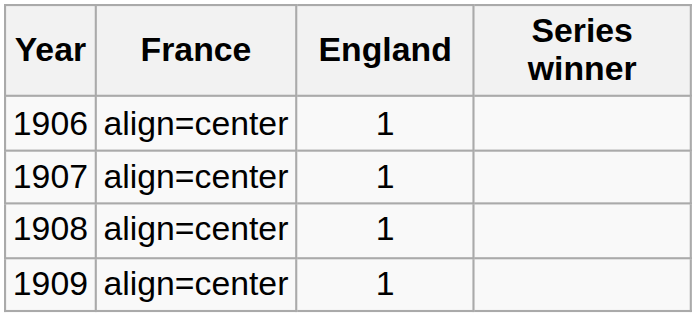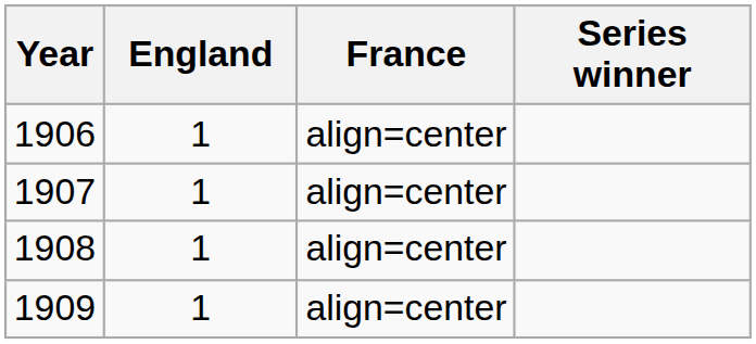 <table class="wikitable">
 <tr>
 <th>Year</th>
+<th width="77">England</th>
 <th width="77">France</th>
-<th width="77">England</th>
 <th width="95">Series winner</th>
 </tr>
 <tr>
 <td> 1906</td>
+<td align=center>1</td>
 <td>align=center </td>
-<td align=center>1</td>
 <td></td>
 </tr>
 <tr>
 <td> 1907</td>
+<td align=center>1</td>
 <td>align=center </td>
-<td align=center>1</td>
 <td></td>
 </tr>
 <tr>
 <td> 1908</td>
+<td align=center>1</td>
 <td>align=center </td>
-<td align=center>1</td>
 <td></td>
 </tr>
 <tr>
 <td> 1909</td>
+<td align=center>1</td>
 <td>align=center </td>
-<td align=center>1</td>
 <td></td>
 </tr>
 </table>
